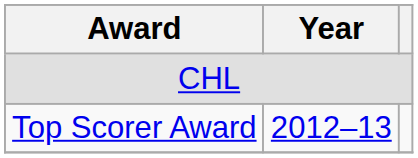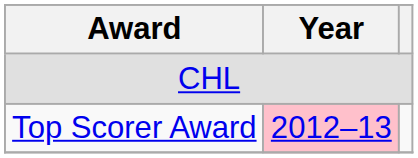 <table class="wikitable">
 <tr>
 <th>Award</th>
 <th>Year</th>
 <th></th>
 </tr>
 <tr ALIGN="center" bgcolor="#e0e0e0">
 <td colspan="3"><a href='#'>CHL</a></td>
 </tr>
 <tr>
 <td><a href='#'>Top Scorer Award</a></td>
-<td><a href='#'>2012–13</a></td>
+<td style="background: pink;"><a href='#'>2012–13</a></td>
 <td></td>
 </tr>
 <tr>
 </tr>
 </table>
